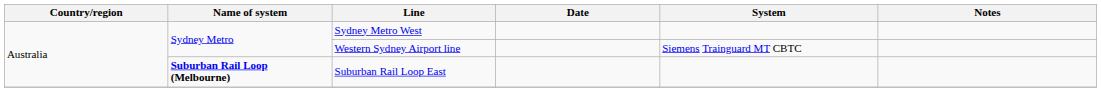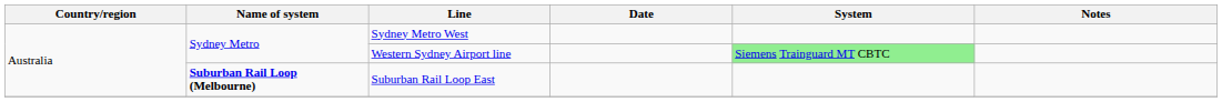 <table class="wikitable sortable" style="width:100%">
 <tr>
 <th style="width:15%">Country/region</th>
 <th style="width:15%">Name of system</th>
 <th style="width:15%">Line</th>
 <th style="width:15%">Date</th>
 <th style="width:20%">System</th>
 <th style="width:20%">Notes</th>
 </tr>
 <tr>
 <td rowspan="3">Australia</td>
 <td rowspan="2"><a href='#'>Sydney Metro</a></td>
 <td><a href='#'>Sydney Metro West</a></td>
 <td></td>
 <td></td>
 <td></td>
 </tr>
 <tr>
 <td><a href='#'>Western Sydney Airport line</a></td>
 <td></td>
-<td><a href='#'>Siemens</a> <a href='#'>Trainguard MT</a> CBTC</td>
+<td style="background: lightgreen;"><a href='#'>Siemens</a> <a href='#'>Trainguard MT</a> CBTC</td>
 <td></td>
 </tr>
 <tr>
 <td><strong><a href='#'>Suburban Rail Loop</a> (Melbourne)</strong></td>
 <td><a href='#'>Suburban Rail Loop East</a></td>
 <td></td>
 <td></td>
 <td></td>
 </tr>
 <tr>
 </tr>
 </table>
